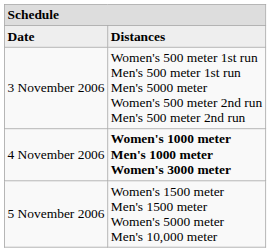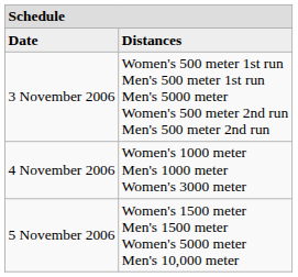 <table class="wikitable">
 <tr align=left bgcolor=#DDDDDD>
 <td colspan=3><strong>Schedule</strong></td>
 </tr>
 <tr align=left bgcolor=#EEEEEE>
 <td><strong>Date</strong></td>
 <td><strong>Distances</strong></td>
 </tr>
 <tr>
 <td>3 November 2006</td>
 <td>Women's 500 meter 1st run<br>Men's 500 meter 1st run<br>Men's 5000 meter<br>Women's 500 meter 2nd run<br>Men's 500 meter 2nd run</td>
 </tr>
 <tr>
 <td>4 November 2006</td>
-<td><strong>Women's 1000 meter<br>Men's 1000 meter<br>Women's 3000 meter</strong></td>
+<td>Women's 1000 meter<br>Men's 1000 meter<br>Women's 3000 meter</td>
 </tr>
 <tr>
 <td>5 November 2006</td>
 <td>Women's 1500 meter<br>Men's 1500 meter<br> Women's 5000 meter <br>Men's 10,000 meter</td>
 </tr>
 </table>
